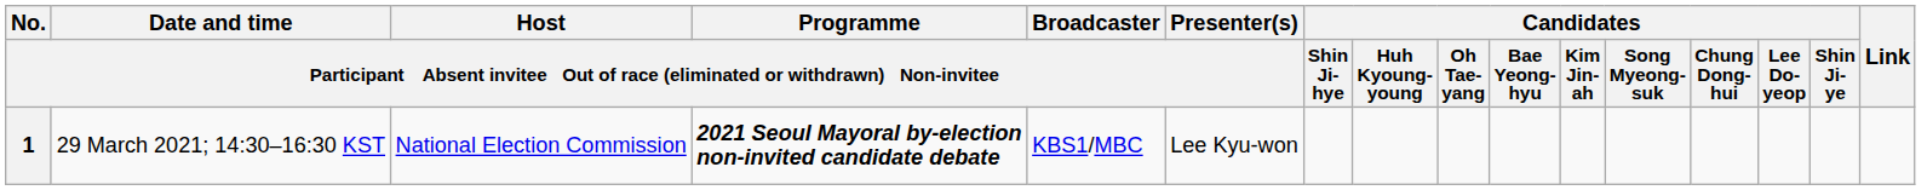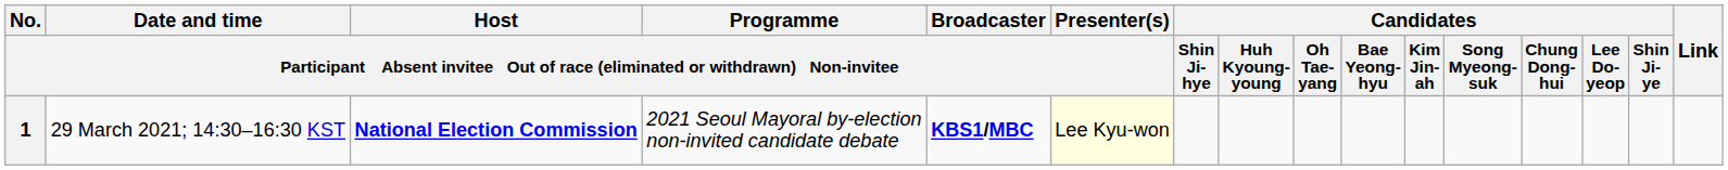 <table class="wikitable" style="font-size:85%">
 <tr>
 <th style="white-space:nowrap;">No.</th>
 <th>Date and time</th>
 <th>Host</th>
 <th>Programme</th>
 <th>Broadcaster</th>
 <th>Presenter(s)</th>
 <th colspan="9" scope="col">Candidates</th>
 <th rowspan="2">Link</th>
 </tr>
 <tr>
 <th colspan="6"><small> Participant     Absent invitee       Out of race (eliminated or withdrawn)     Non-invitee</small></th>
 <th scope="col" style="width:7em; font-size:85%;">Shin<br>Ji-hye</th>
 <th scope="col" style="width:7em; font-size:85%;">Huh<br>Kyoung-young</th>
 <th scope="col" style="width:7em; font-size:85%;">Oh<br>Tae-yang</th>
 <th scope="col" style="width:7em; font-size:85%;">Bae<br>Yeong-hyu</th>
 <th scope="col" style="width:7em; font-size:85%;">Kim<br>Jin-ah</th>
 <th scope="col" style="width:7em; font-size:85%;">Song<br>Myeong-suk</th>
 <th scope="col" style="width:7em; font-size:85%;">Chung<br>Dong-hui</th>
 <th scope="col" style="width:7em; font-size:85%;">Lee<br>Do-yeop</th>
 <th scope="col" style="width:7em; font-size:85%;">Shin<br>Ji-ye</th>
 </tr>
 <tr style="height: 3.5em;">
 <th>1</th>
 <td style="white-space:nowrap;">29 March 2021; 14:30–16:30 <a href='#'>KST</a></td>
-<td style="white-space:nowrap;"><a href='#'>National Election Commission</a></td>
-<td style="white-space:nowrap;"><strong><em>2021 Seoul Mayoral by-election</em><br><em>non-invited candidate debate</em></strong></td>
-<td style="white-space:nowrap;"><a href='#'>KBS1</a>/<a href='#'>MBC</a></td>
-<td style="white-space:nowrap;">Lee Kyu-won</td>
+<td style="white-space:nowrap;"><strong><a href='#'>National Election Commission</a></strong></td>
+<td style="white-space:nowrap;"><em>2021 Seoul Mayoral by-election</em><br><em>non-invited candidate debate</em></td>
+<td style="white-space:nowrap;"><strong><a href='#'>KBS1</a>/<a href='#'>MBC</a></strong></td>
+<td style="background: lightyellow; white-space:nowrap;">Lee Kyu-won</td>
 <td></td>
 <td></td>
 <td></td>
 <td></td>
 <td></td>
 <td></td>
 <td></td>
 <td></td>
 <td></td>
 <td></td>
 </tr>
 </table>
